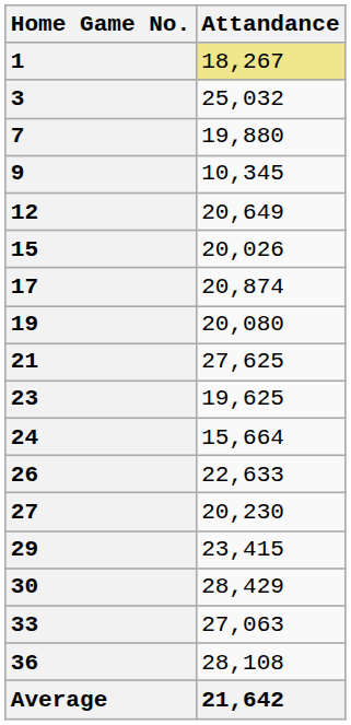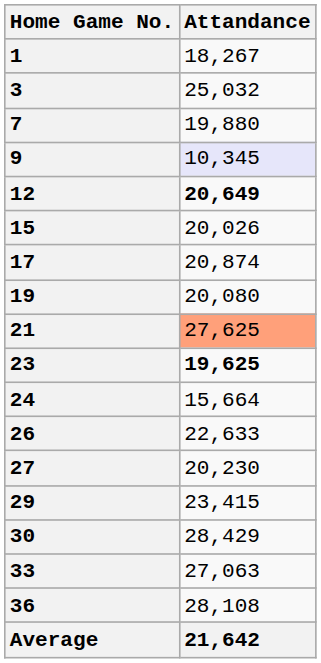 <table class="wikitable">
 <tr>
 <th>Home Game No.</th>
 <th>Attandance</th>
 </tr>
 <tr>
 <th style="text-align:left">1</th>
-<td style="background: khaki;">18,267</td>
+<td>18,267</td>
 </tr>
 <tr>
 <th style="text-align:left">3</th>
 <td>25,032</td>
 </tr>
 <tr>
 <th style="text-align:left">7</th>
 <td>19,880</td>
 </tr>
 <tr>
 <th style="text-align:left">9</th>
-<td>10,345</td>
+<td style="background: lavender;">10,345</td>
 </tr>
 <tr>
 <th style="text-align:left">12</th>
-<td>20,649</td>
+<td><strong>20,649</strong></td>
 </tr>
 <tr>
 <th style="text-align:left">15</th>
 <td>20,026</td>
 </tr>
 <tr>
 <th style="text-align:left">17</th>
 <td>20,874</td>
 </tr>
 <tr>
 <th style="text-align:left">19</th>
 <td>20,080</td>
 </tr>
 <tr>
 <th style="text-align:left">21</th>
-<td>27,625</td>
+<td style="background: lightsalmon;">27,625</td>
 </tr>
 <tr>
 <th style="text-align:left">23</th>
-<td>19,625</td>
+<td><strong>19,625</strong></td>
 </tr>
 <tr>
 <th style="text-align:left">24</th>
 <td>15,664</td>
 </tr>
 <tr>
 <th style="text-align:left">26</th>
 <td>22,633</td>
 </tr>
 <tr>
 <th style="text-align:left">27</th>
 <td>20,230</td>
 </tr>
 <tr>
 <th style="text-align:left">29</th>
 <td>23,415</td>
 </tr>
 <tr>
 <th style="text-align:left">30</th>
 <td>28,429</td>
 </tr>
 <tr>
 <th style="text-align:left">33</th>
 <td>27,063</td>
 </tr>
 <tr>
 <th style="text-align:left">36</th>
 <td>28,108</td>
 </tr>
 <tr>
 <th style="text-align:left">Average</th>
 <th style="text-align:left">21,642</th>
 </tr>
 </table>
